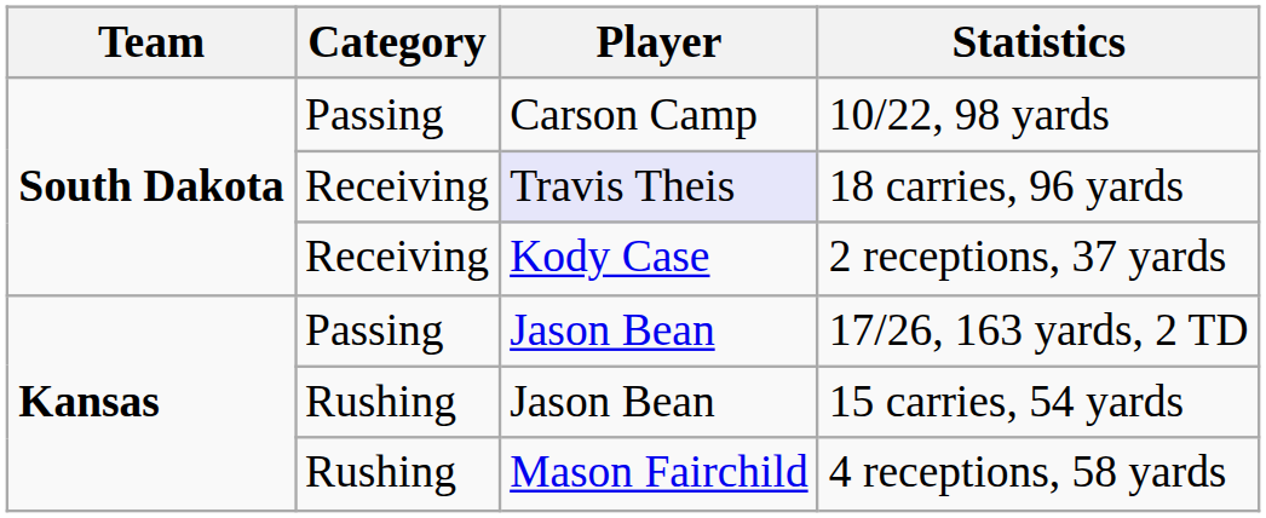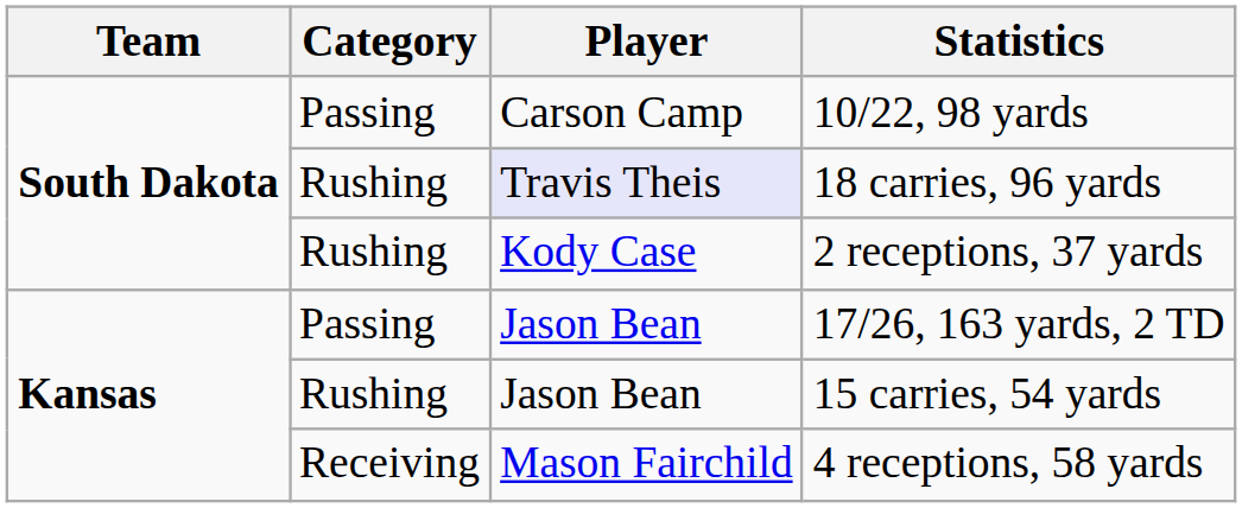 <table class="wikitable" style="float: right;">
 <tr>
 <th>Team</th>
 <th>Category</th>
 <th>Player</th>
 <th>Statistics</th>
 </tr>
 <tr>
 <td rowspan=3><strong>South Dakota</strong></td>
 <td>Passing</td>
 <td>Carson Camp</td>
 <td>10/22, 98 yards</td>
 </tr>
 <tr>
-<td>Receiving</td>
+<td>Rushing</td>
 <td style="background: lavender;">Travis Theis</td>
 <td>18 carries, 96 yards</td>
 </tr>
 <tr>
-<td>Receiving</td>
+<td>Rushing</td>
 <td><a href='#'>Kody Case</a></td>
 <td>2 receptions, 37 yards</td>
 </tr>
 <tr>
 <td rowspan=3><strong>Kansas</strong></td>
 <td>Passing</td>
 <td><a href='#'>Jason Bean</a></td>
 <td>17/26, 163 yards, 2 TD</td>
 </tr>
 <tr>
 <td>Rushing</td>
 <td>Jason Bean</td>
 <td>15 carries, 54 yards</td>
 </tr>
 <tr>
-<td>Rushing</td>
+<td>Receiving</td>
 <td><a href='#'>Mason Fairchild</a></td>
 <td>4 receptions, 58 yards</td>
 </tr>
 </table>
